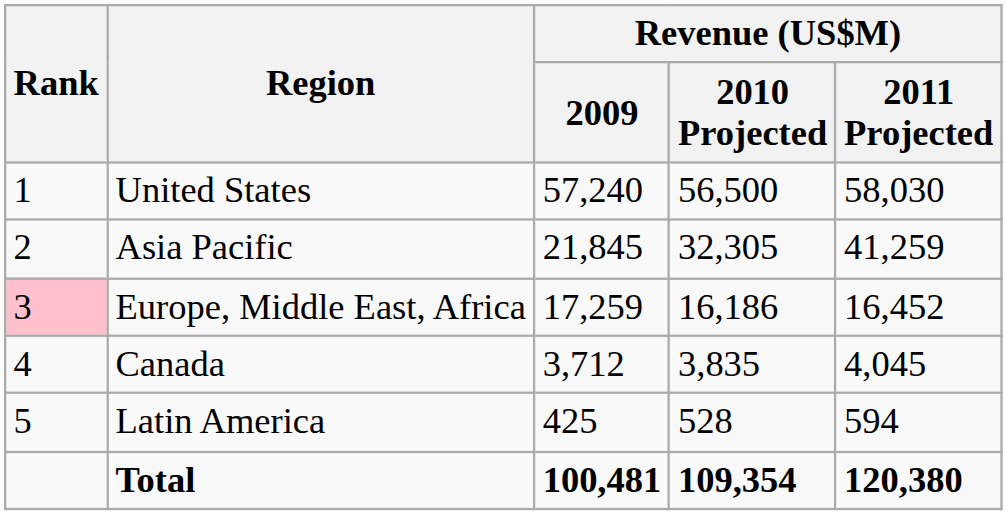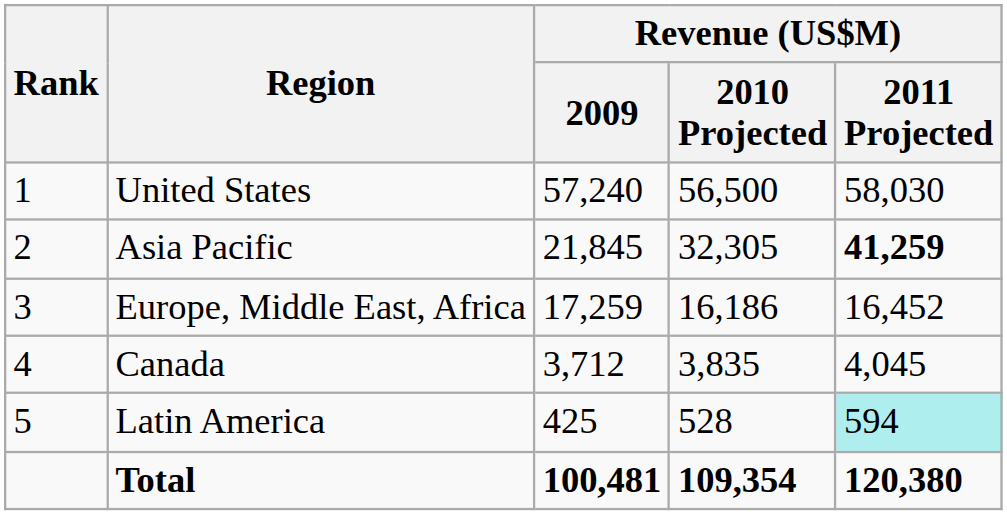 <table class="wikitable sortable">
 <tr>
 <th rowspan="2">Rank</th>
 <th rowspan="2">Region</th>
 <th colspan="3">Revenue (US$M)</th>
 </tr>
 <tr>
 <th>2009</th>
 <th>2010<br>Projected</th>
 <th>2011<br>Projected</th>
 </tr>
 <tr>
 <td>1</td>
 <td>United States</td>
 <td>57,240</td>
 <td>56,500</td>
 <td>58,030</td>
 </tr>
 <tr>
 <td>2</td>
 <td>Asia Pacific</td>
 <td>21,845</td>
 <td>32,305</td>
-<td>41,259</td>
+<td><strong>41,259</strong></td>
 </tr>
 <tr>
-<td style="background: pink;">3</td>
+<td>3</td>
 <td>Europe, Middle East, Africa</td>
 <td>17,259</td>
 <td>16,186</td>
 <td>16,452</td>
 </tr>
 <tr>
 <td>4</td>
 <td>Canada</td>
 <td>3,712</td>
 <td>3,835</td>
 <td>4,045</td>
 </tr>
 <tr>
 <td>5</td>
 <td>Latin America</td>
 <td>425</td>
 <td>528</td>
-<td>594</td>
+<td style="background: paleturquoise;">594</td>
 </tr>
 <tr>
 <td></td>
 <td><strong>Total</strong></td>
 <td><strong>100,481</strong></td>
 <td><strong>109,354</strong></td>
 <td><strong>120,380</strong></td>
 </tr>
 </table>
